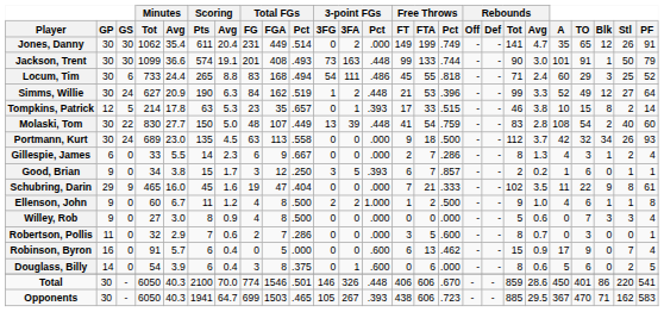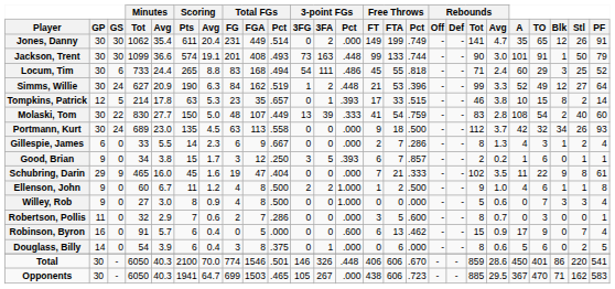 <table class="wikitable sortable" border="1" style="font-size:70%;">
 <tr>
 <th colspan="3" style="border-top-style:hidden; border-left-style:hidden; background: white;"></th>
 <th colspan="2">Minutes</th>
 <th colspan="2">Scoring</th>
 <th colspan="3">Total FGs</th>
 <th colspan="3">3-point FGs</th>
 <th colspan="3">Free Throws</th>
 <th colspan="4">Rebounds</th>
 <th colspan="5" style="border-top-style:hidden; border-right-style:hidden; background: white;"></th>
 </tr>
 <tr>
 <th scope="col">Player</th>
 <th scope="col">GP</th>
 <th scope="col">GS</th>
 <th scope="col">Tot</th>
 <th scope="col">Avg</th>
 <th scope="col">Pts</th>
 <th scope="col">Avg</th>
 <th scope="col">FG</th>
 <th scope="col">FGA</th>
 <th scope="col">Pct</th>
 <th scope="col">3FG</th>
 <th scope="col">3FA</th>
 <th scope="col">Pct</th>
 <th scope="col">FT</th>
 <th scope="col">FTA</th>
 <th scope="col">Pct</th>
 <th scope="col">Off</th>
 <th scope="col">Def</th>
 <th scope="col">Tot</th>
 <th scope="col">Avg</th>
 <th scope="col">A</th>
 <th scope="col">TO</th>
 <th scope="col">Blk</th>
 <th scope="col">Stl</th>
 <th scope="col">PF</th>
 </tr>
 <tr>
 <th style="white-space:nowrap">Jones, Danny</th>
 <td align="right">30</td>
 <td align="right">30</td>
 <td align="right">1062</td>
 <td align="right">35.4</td>
 <td align="right">611</td>
 <td align="right">20.4</td>
 <td align="right">231</td>
 <td align="right">449</td>
 <td align="right">.514</td>
 <td align="right">0</td>
 <td align="right">2</td>
 <td align="right">.000</td>
 <td align="right">149</td>
 <td align="right">199</td>
 <td align="right">.749</td>
 <td align="right">-</td>
 <td align="right">-</td>
 <td align="right">141</td>
 <td align="right">4.7</td>
 <td align="right">35</td>
 <td align="right">65</td>
 <td align="right">12</td>
 <td align="right">26</td>
 <td align="right">91</td>
 </tr>
 <tr>
 <th style="white-space:nowrap">Jackson, Trent</th>
 <td align="right">30</td>
 <td align="right">30</td>
 <td align="right">1099</td>
 <td align="right">36.6</td>
 <td align="right">574</td>
 <td align="right">19.1</td>
 <td align="right">201</td>
 <td align="right">408</td>
 <td align="right">.493</td>
 <td align="right">73</td>
 <td align="right">163</td>
 <td align="right">.448</td>
 <td align="right">99</td>
 <td align="right">133</td>
 <td align="right">.744</td>
 <td align="right">-</td>
 <td align="right">-</td>
 <td align="right">90</td>
 <td align="right">3.0</td>
 <td align="right">101</td>
 <td align="right">91</td>
 <td align="right">1</td>
 <td align="right">50</td>
 <td align="right">79</td>
 </tr>
 <tr>
 <th style="white-space:nowrap">Locum, Tim</th>
 <td align="right">30</td>
 <td align="right">6</td>
 <td align="right">733</td>
 <td align="right">24.4</td>
 <td align="right">265</td>
 <td align="right">8.8</td>
 <td align="right">83</td>
 <td align="right">168</td>
 <td align="right">.494</td>
 <td align="right">54</td>
 <td align="right">111</td>
 <td align="right">.486</td>
 <td align="right">45</td>
 <td align="right">55</td>
 <td align="right">.818</td>
 <td align="right">-</td>
 <td align="right">-</td>
 <td align="right">71</td>
 <td align="right">2.4</td>
 <td align="right">60</td>
 <td align="right">29</td>
 <td align="right">3</td>
 <td align="right">25</td>
 <td align="right">52</td>
 </tr>
 <tr>
 <th style="white-space:nowrap">Simms, Willie</th>
 <td align="right">30</td>
 <td align="right">24</td>
 <td align="right">627</td>
 <td align="right">20.9</td>
 <td align="right">190</td>
 <td align="right">6.3</td>
 <td align="right">84</td>
 <td align="right">162</td>
 <td align="right">.519</td>
 <td align="right">1</td>
 <td align="right">2</td>
 <td align="center">.448</td>
 <td align="right">21</td>
 <td align="right">53</td>
 <td align="right">.396</td>
 <td align="right">-</td>
 <td align="right">-</td>
 <td align="right">99</td>
 <td align="right">3.3</td>
 <td align="right">52</td>
 <td align="right">49</td>
 <td align="right">12</td>
 <td align="right">27</td>
 <td align="right">64</td>
 </tr>
 <tr>
 <th style="white-space:nowrap">Tompkins, Patrick</th>
 <td align="right">12</td>
 <td align="right">5</td>
 <td align="right">214</td>
 <td align="right">17.8</td>
 <td align="right">63</td>
 <td align="right">5.3</td>
 <td align="right">23</td>
 <td align="right">35</td>
 <td align="right">.657</td>
 <td align="right">0</td>
 <td align="right">1</td>
 <td align="center">.393</td>
 <td align="right">17</td>
 <td align="right">33</td>
 <td align="right">.515</td>
 <td align="right">-</td>
 <td align="right">-</td>
 <td align="right">46</td>
 <td align="right">3.8</td>
 <td align="right">10</td>
 <td align="right">15</td>
 <td align="right">8</td>
 <td align="right">2</td>
 <td align="right">14</td>
 </tr>
 <tr>
 <th style="white-space:nowrap">Molaski, Tom</th>
 <td align="right">30</td>
 <td align="right">22</td>
 <td align="right">830</td>
 <td align="right">27.7</td>
 <td align="right">150</td>
 <td align="right">5.0</td>
 <td align="right">48</td>
 <td align="right">107</td>
 <td align="right">.449</td>
 <td align="right">13</td>
 <td align="right">39</td>
-<td align="right">.448</td>
+<td align="right">.333</td>
 <td align="right">41</td>
 <td align="right">54</td>
 <td align="right">.759</td>
 <td align="right">-</td>
 <td align="right">-</td>
 <td align="right">83</td>
 <td align="right">2.8</td>
 <td align="right">108</td>
 <td align="right">54</td>
 <td align="right">2</td>
 <td align="right">40</td>
 <td align="right">60</td>
 </tr>
 <tr>
 <th style="white-space:nowrap">Portmann, Kurt</th>
 <td align="right">30</td>
 <td align="right">24</td>
 <td align="right">689</td>
 <td align="right">23.0</td>
 <td align="right">135</td>
 <td align="right">4.5</td>
 <td align="right">63</td>
 <td align="right">113</td>
 <td align="right">.558</td>
 <td align="right">0</td>
 <td align="right">0</td>
 <td align="right">.000</td>
 <td align="right">9</td>
 <td align="right">18</td>
 <td align="right">.500</td>
 <td align="right">-</td>
 <td align="right">-</td>
 <td align="right">112</td>
 <td align="right">3.7</td>
 <td align="right">42</td>
 <td align="right">32</td>
 <td align="right">34</td>
 <td align="right">26</td>
 <td align="right">93</td>
 </tr>
 <tr>
 <th style="white-space:nowrap">Gillespie, James</th>
 <td align="right">6</td>
 <td align="right">0</td>
 <td align="right">33</td>
 <td align="right">5.5</td>
 <td align="right">14</td>
 <td align="right">2.3</td>
 <td align="right">6</td>
 <td align="right">9</td>
 <td align="right">.667</td>
 <td align="right">0</td>
 <td align="right">0</td>
 <td align="right">.000</td>
 <td align="right">2</td>
 <td align="right">7</td>
 <td align="right">.286</td>
 <td align="right">-</td>
 <td align="right">-</td>
 <td align="right">8</td>
 <td align="right">1.3</td>
 <td align="right">4</td>
 <td align="right">3</td>
 <td align="right">1</td>
 <td align="right">2</td>
 <td align="right">4</td>
 </tr>
 <tr>
 <th style="white-space:nowrap">Good, Brian</th>
 <td align="right">9</td>
 <td align="right">0</td>
 <td align="right">34</td>
 <td align="right">3.8</td>
 <td align="right">15</td>
 <td align="right">1.7</td>
 <td align="right">3</td>
 <td align="right">12</td>
 <td align="right">.250</td>
 <td align="right">3</td>
 <td align="right">5</td>
 <td align="center">.393</td>
 <td align="right">6</td>
 <td align="right">7</td>
 <td align="right">.857</td>
 <td align="right">-</td>
 <td align="right">-</td>
 <td align="right">2</td>
 <td align="right">0.2</td>
 <td align="right">1</td>
 <td align="right">6</td>
 <td align="right">0</td>
 <td align="right">1</td>
 <td align="right">1</td>
 </tr>
 <tr>
 <th style="white-space:nowrap">Schubring, Darin</th>
 <td align="right">29</td>
 <td align="right">9</td>
 <td align="right">465</td>
 <td align="right">16.0</td>
 <td align="right">45</td>
 <td align="right">1.6</td>
 <td align="right">19</td>
 <td align="right">47</td>
 <td align="right">.404</td>
 <td align="right">0</td>
 <td align="right">0</td>
 <td align="right">.000</td>
 <td align="right">7</td>
 <td align="right">21</td>
 <td align="right">.333</td>
 <td align="right">-</td>
 <td align="right">-</td>
 <td align="right">102</td>
 <td align="right">3.5</td>
 <td align="right">11</td>
 <td align="right">22</td>
 <td align="right">9</td>
 <td align="right">8</td>
 <td align="right">61</td>
 </tr>
 <tr>
 <th style="white-space:nowrap">Ellenson, John</th>
 <td align="right">9</td>
 <td align="right">0</td>
 <td align="right">60</td>
 <td align="right">6.7</td>
 <td align="right">11</td>
 <td align="right">1.2</td>
 <td align="right">4</td>
 <td align="right">8</td>
 <td align="right">.500</td>
 <td align="right">2</td>
 <td align="right">2</td>
 <td align="right">1.000</td>
 <td align="right">1</td>
 <td align="right">2</td>
 <td align="right">.500</td>
 <td align="right">-</td>
 <td align="right">-</td>
 <td align="right">9</td>
 <td align="right">1.0</td>
 <td align="right">4</td>
 <td align="right">6</td>
 <td align="right">1</td>
 <td align="right">1</td>
 <td align="right">8</td>
 </tr>
 <tr>
 <th style="white-space:nowrap">Willey, Rob</th>
 <td align="right">9</td>
 <td align="right">0</td>
 <td align="right">27</td>
 <td align="right">3.0</td>
 <td align="right">8</td>
 <td align="right">0.9</td>
 <td align="right">4</td>
 <td align="right">8</td>
 <td align="right">.500</td>
 <td align="right">0</td>
 <td align="right">0</td>
-<td align="right">.000</td>
+<td align="right">1.000</td>
 <td align="right">0</td>
 <td align="right">0</td>
 <td align="right">.000</td>
 <td align="right">-</td>
 <td align="right">-</td>
 <td align="right">5</td>
 <td align="right">0.6</td>
 <td align="right">0</td>
 <td align="right">7</td>
 <td align="right">3</td>
 <td align="right">3</td>
 <td align="right">4</td>
 </tr>
 <tr>
 <th style="white-space:nowrap">Robertson, Pollis</th>
 <td align="right">11</td>
 <td align="right">0</td>
 <td align="right">32</td>
 <td align="right">2.9</td>
 <td align="right">7</td>
 <td align="right">0.6</td>
 <td align="right">2</td>
 <td align="right">7</td>
 <td align="right">.286</td>
 <td align="right">0</td>
 <td align="right">0</td>
 <td align="right">.000</td>
 <td align="right">3</td>
 <td align="right">5</td>
 <td align="right">.600</td>
 <td align="right">-</td>
 <td align="right">-</td>
 <td align="right">8</td>
 <td align="right">0.7</td>
 <td align="right">0</td>
 <td align="right">3</td>
 <td align="right">0</td>
 <td align="right">0</td>
 <td align="right">1</td>
 </tr>
 <tr>
 <th style="white-space:nowrap">Robinson, Byron</th>
 <td align="right">16</td>
 <td align="right">0</td>
 <td align="right">91</td>
 <td align="right">5.7</td>
 <td align="right">6</td>
 <td align="right">0.4</td>
 <td align="right">0</td>
 <td align="right">5</td>
 <td align="right">.000</td>
 <td align="right">0</td>
 <td align="right">0</td>
 <td align="right">.600</td>
 <td align="right">6</td>
 <td align="right">13</td>
 <td align="right">.462</td>
 <td align="right">-</td>
 <td align="right">-</td>
 <td align="right">15</td>
 <td align="right">0.9</td>
 <td align="right">17</td>
 <td align="right">9</td>
 <td align="right">0</td>
 <td align="right">7</td>
 <td align="right">4</td>
 </tr>
 <tr>
 <th style="white-space:nowrap">Douglass, Billy</th>
 <td align="right">14</td>
 <td align="right">0</td>
 <td align="right">54</td>
 <td align="right">3.9</td>
 <td align="right">6</td>
 <td align="right">0.4</td>
 <td align="right">3</td>
 <td align="right">8</td>
 <td align="right">.375</td>
 <td align="right">0</td>
 <td align="right">1</td>
-<td align="right">.600</td>
+<td align="right">.000</td>
 <td align="right">0</td>
 <td align="right">6</td>
 <td align="right">.000</td>
 <td align="right">-</td>
 <td align="right">-</td>
 <td align="right">8</td>
 <td align="right">0.6</td>
 <td align="right">5</td>
 <td align="right">6</td>
 <td align="right">0</td>
 <td align="right">2</td>
 <td align="right">5</td>
 </tr>
 <tr>
 </tr>
 <tr class="sortbottom">
 <td align="center"><strong>Total</strong></td>
 <td align="center">30</td>
 <td align="center">-</td>
 <td align="center">6050</td>
 <td align="center">40.3</td>
 <td align="center">2100</td>
 <td align="center">70.0</td>
 <td align="center">774</td>
 <td align="center">1546</td>
 <td align="center">.501</td>
 <td align="center">146</td>
 <td align="center">326</td>
 <td align="center">.448</td>
 <td align="center">406</td>
 <td align="center">606</td>
 <td align="center">.670</td>
 <td align="center">-</td>
 <td align="center">-</td>
 <td align="center">859</td>
 <td align="center">28.6</td>
 <td align="center">450</td>
 <td align="center">401</td>
 <td align="center">86</td>
 <td align="center">220</td>
 <td align="center">541</td>
 </tr>
 <tr class="sortbottom">
 <td align="center"><strong>Opponents</strong></td>
 <td align="center">30</td>
 <td align="center">-</td>
 <td align="center">6050</td>
 <td align="center">40.3</td>
 <td align="center">1941</td>
 <td align="center">64.7</td>
 <td align="center">699</td>
 <td align="center">1503</td>
 <td align="center">.465</td>
 <td align="center">105</td>
 <td align="center">267</td>
-<td align="center">.393</td>
+<td align="right">.000</td>
 <td align="center">438</td>
 <td align="center">606</td>
 <td align="center">.723</td>
 <td align="center">-</td>
 <td align="center">-</td>
 <td align="center">885</td>
 <td align="center">29.5</td>
 <td align="center">367</td>
 <td align="center">470</td>
 <td align="center">71</td>
 <td align="center">162</td>
 <td align="center">583</td>
 </tr>
 </table>
